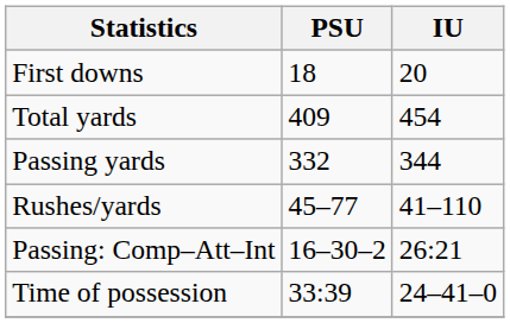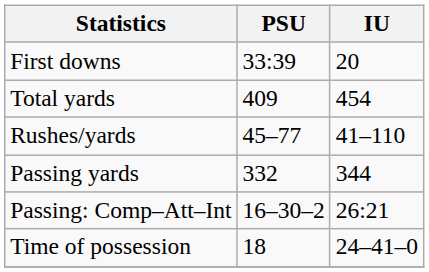 <table class="wikitable" style="float: left;">
 <tr>
 <th>Statistics</th>
 <th>PSU</th>
 <th>IU</th>
 </tr>
 <tr>
 <td>First downs</td>
-<td>18</td>
+<td>33:39</td>
 <td>20</td>
 </tr>
 <tr>
 <td>Total yards</td>
 <td>409</td>
 <td>454</td>
 </tr>
 <tr>
+<td>Rushes/yards</td>
+<td>45–77</td>
+<td>41–110</td>
+</tr>
+<tr>
 <td>Passing yards</td>
 <td>332</td>
 <td>344</td>
-</tr>
-<tr>
-<td>Rushes/yards</td>
-<td>45–77</td>
-<td>41–110</td>
 </tr>
 <tr>
 <td>Passing: Comp–Att–Int</td>
 <td>16–30–2</td>
 <td>26:21</td>
 </tr>
 <tr>
 <td>Time of possession</td>
-<td>33:39</td>
+<td>18</td>
 <td>24–41–0</td>
 </tr>
 <tr>
 </tr>
 </table>
